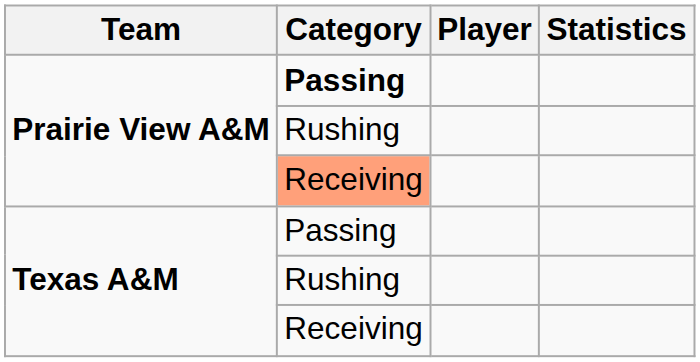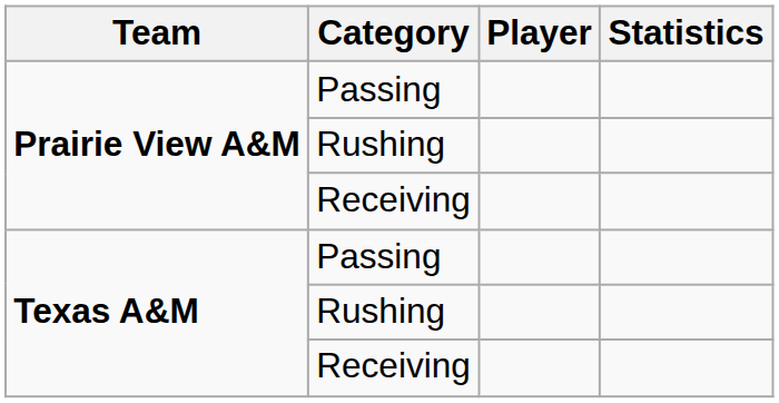 <table class="wikitable" style="float: left;">
 <tr>
 <th>Team</th>
 <th>Category</th>
 <th>Player</th>
 <th>Statistics</th>
 </tr>
 <tr>
 <td rowspan=3><strong>Prairie View A&M</strong></td>
-<td><strong>Passing</strong></td>
+<td>Passing</td>
 <td> </td>
 <td> </td>
 </tr>
 <tr>
 <td>Rushing</td>
 <td> </td>
 <td> </td>
 </tr>
 <tr>
-<td style="background: lightsalmon;">Receiving</td>
+<td>Receiving</td>
 <td> </td>
 <td> </td>
 </tr>
 <tr>
 <td rowspan=3><strong>Texas A&M</strong></td>
 <td>Passing</td>
 <td> </td>
 <td> </td>
 </tr>
 <tr>
 <td>Rushing</td>
 <td> </td>
 <td> </td>
 </tr>
 <tr>
 <td>Receiving</td>
 <td> </td>
 <td> </td>
 </tr>
 </table>
